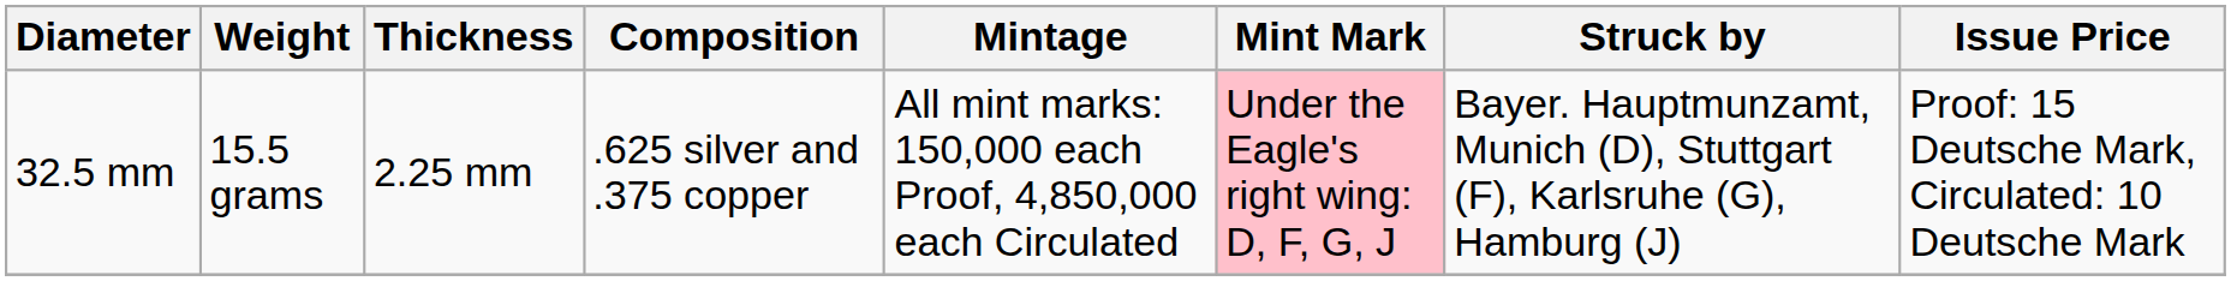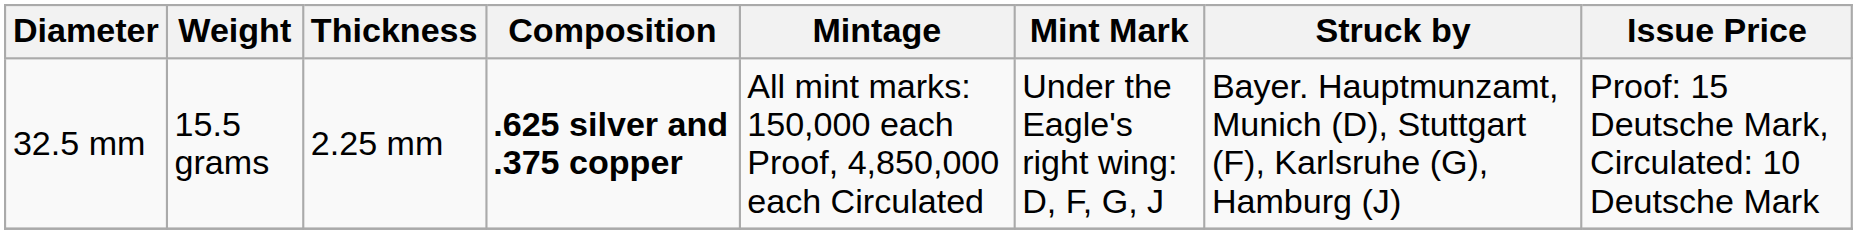 <table class="wikitable">
 <tr>
 <th>Diameter</th>
 <th>Weight</th>
 <th>Thickness</th>
 <th>Composition</th>
 <th>Mintage</th>
 <th>Mint Mark</th>
 <th>Struck by</th>
 <th>Issue Price</th>
 </tr>
 <tr>
 <td>32.5 mm</td>
 <td>15.5 grams</td>
 <td>2.25 mm</td>
-<td>.625 silver and .375 copper</td>
+<td><strong>.625 silver and .375 copper</strong></td>
 <td>All mint marks: 150,000 each Proof, 4,850,000 each Circulated</td>
-<td style="background: pink;">Under the Eagle's right wing: D, F, G, J</td>
+<td>Under the Eagle's right wing: D, F, G, J</td>
 <td>Bayer. Hauptmunzamt, Munich (D), Stuttgart (F), Karlsruhe (G), Hamburg (J)</td>
 <td>Proof: 15 Deutsche Mark, Circulated: 10 Deutsche Mark</td>
 </tr>
 <tr>
 </tr>
 </table>
